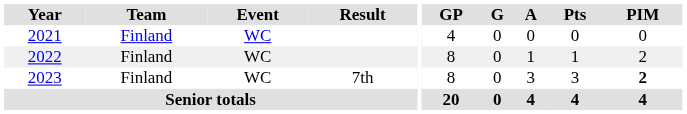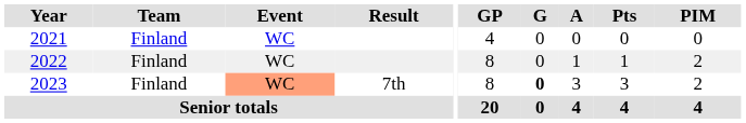 <table border="0" cellpadding="1" cellspacing="0" ID="Table3" style="text-align:center; width:40em">
 <tr ALIGN="center" bgcolor="#e0e0e0">
 <th>Year</th>
 <th>Team</th>
 <th>Event</th>
 <th>Result</th>
 <th rowspan="99" bgcolor="#ffffff"></th>
 <th>GP</th>
 <th>G</th>
 <th>A</th>
 <th>Pts</th>
 <th>PIM</th>
 </tr>
 <tr>
 <td><a href='#'>2021</a></td>
 <td><a href='#'>Finland</a></td>
 <td><a href='#'>WC</a></td>
 <td></td>
 <td>4</td>
 <td>0</td>
 <td>0</td>
 <td>0</td>
 <td>0</td>
 </tr>
 <tr bgcolor="#f0f0f0">
 <td><a href='#'>2022</a></td>
 <td>Finland</td>
 <td>WC</td>
 <td></td>
 <td>8</td>
 <td>0</td>
 <td>1</td>
 <td>1</td>
 <td>2</td>
 </tr>
 <tr>
 <td><a href='#'>2023</a></td>
 <td>Finland</td>
-<td>WC</td>
+<td style="background: lightsalmon;">WC</td>
 <td>7th</td>
 <td>8</td>
-<td>0</td>
+<td><strong>0</strong></td>
 <td>3</td>
 <td>3</td>
-<td><strong>2</strong></td>
+<td>2</td>
 </tr>
 <tr bgcolor="#e0e0e0">
 <th colspan="4">Senior totals</th>
 <th>20</th>
 <th>0</th>
 <th>4</th>
 <th>4</th>
 <th>4</th>
 </tr>
 </table>
